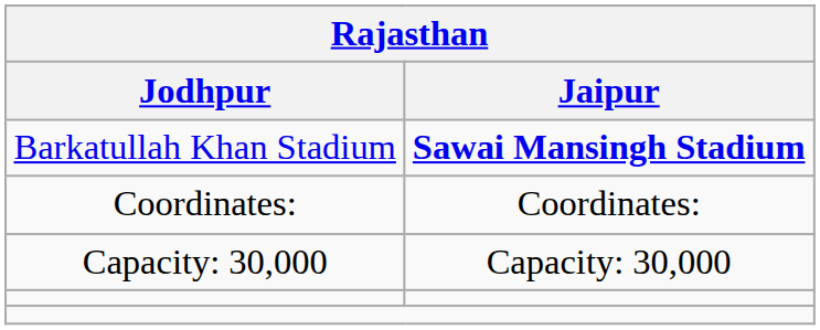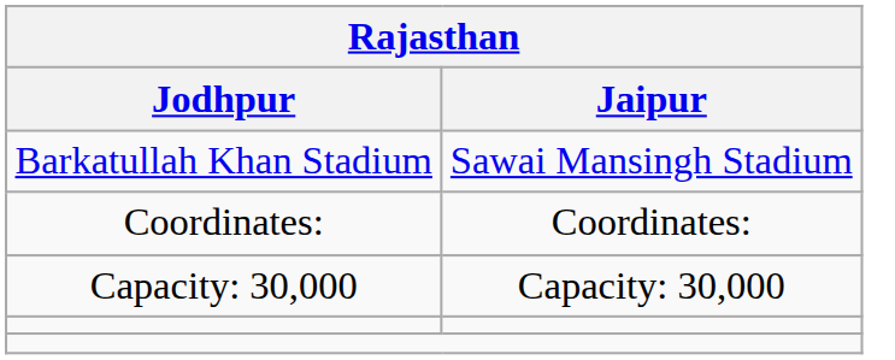 <table class="wikitable" style="text-align:center">
 <tr>
 <th colspan="3"><a href='#'>Rajasthan</a></th>
 </tr>
 <tr>
 <th><a href='#'>Jodhpur</a></th>
 <th><a href='#'>Jaipur</a></th>
 </tr>
 <tr>
 <td><a href='#'>Barkatullah Khan Stadium</a></td>
-<td><strong><a href='#'>Sawai Mansingh Stadium</a></strong></td>
+<td><a href='#'>Sawai Mansingh Stadium</a></td>
 </tr>
 <tr>
 <td>Coordinates: </td>
 <td>Coordinates: </td>
 </tr>
 <tr>
 <td>Capacity: 30,000</td>
 <td>Capacity: 30,000</td>
 </tr>
 <tr>
 <td></td>
 <td></td>
 </tr>
 <tr>
 <td colspan="2"></td>
 </tr>
 </table>
